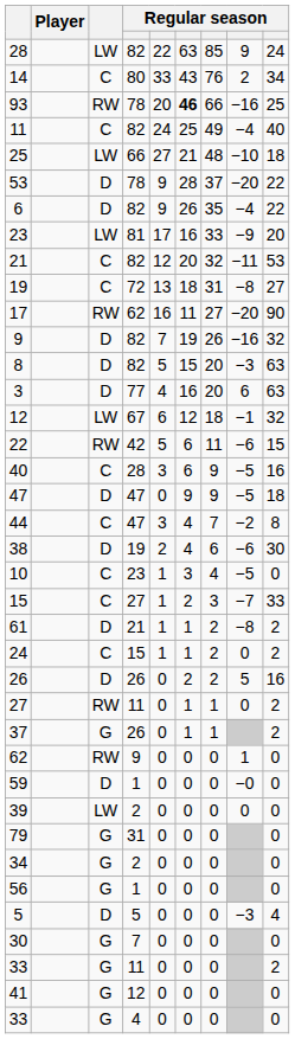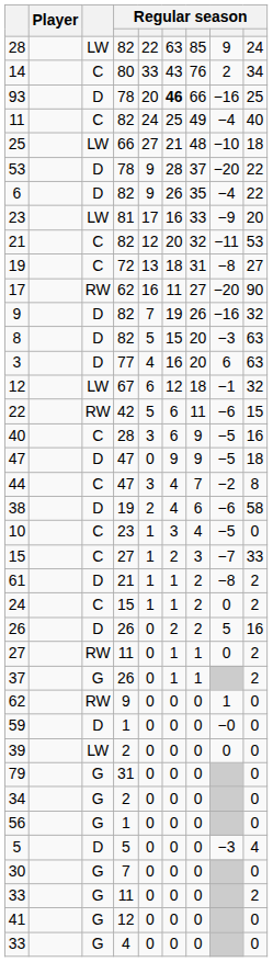 <table class="wikitable sortable plainrowheaders" style="text-align:center;">
 <tr>
 <th scope="col" data-sort-type="number" rowspan="2"></th>
 <th scope="col" rowspan="2">Player</th>
 <th scope="col" rowspan="2"></th>
 <th scope=colgroup colspan=6>Regular season</th>
 </tr>
 <tr>
 <th scope="col" data-sort-type="number"></th>
 <th scope="col" data-sort-type="number"></th>
 <th scope="col" data-sort-type="number"></th>
 <th scope="col" data-sort-type="number"></th>
 <th scope="col" data-sort-type="number"></th>
 <th scope="col" data-sort-type="number"></th>
 </tr>
 <tr>
 <td scope="row">28</td>
 <td align="left"></td>
 <td>LW</td>
 <td>82</td>
 <td>22</td>
 <td>63</td>
 <td>85</td>
 <td>9</td>
 <td>24</td>
 </tr>
 <tr>
 <td scope="row">14</td>
 <td align="left"></td>
 <td>C</td>
 <td>80</td>
 <td>33</td>
 <td>43</td>
 <td>76</td>
 <td>2</td>
 <td>34</td>
 </tr>
 <tr>
 <td scope="row">93</td>
 <td align="left"></td>
-<td>RW</td>
+<td>D</td>
 <td>78</td>
 <td>20</td>
 <td><strong>46</strong></td>
 <td>66</td>
 <td>−16</td>
 <td>25</td>
 </tr>
 <tr>
 <td scope="row">11</td>
 <td align="left"></td>
 <td>C</td>
 <td>82</td>
 <td>24</td>
 <td>25</td>
 <td>49</td>
 <td>−4</td>
 <td>40</td>
 </tr>
 <tr>
 <td scope="row">25</td>
 <td align="left"></td>
 <td>LW</td>
 <td>66</td>
 <td>27</td>
 <td>21</td>
 <td>48</td>
 <td>−10</td>
 <td>18</td>
 </tr>
 <tr>
 <td scope="row">53</td>
 <td align="left"></td>
 <td>D</td>
 <td>78</td>
 <td>9</td>
 <td>28</td>
 <td>37</td>
 <td>−20</td>
 <td>22</td>
 </tr>
 <tr>
 <td scope="row">6</td>
 <td align="left"></td>
 <td>D</td>
 <td>82</td>
 <td>9</td>
 <td>26</td>
 <td>35</td>
 <td>−4</td>
 <td>22</td>
 </tr>
 <tr>
 <td scope="row">23</td>
 <td align="left"></td>
 <td>LW</td>
 <td>81</td>
 <td>17</td>
 <td>16</td>
 <td>33</td>
 <td>−9</td>
 <td>20</td>
 </tr>
 <tr>
 <td scope="row">21</td>
 <td align="left"></td>
 <td>C</td>
 <td>82</td>
 <td>12</td>
 <td>20</td>
 <td>32</td>
 <td>−11</td>
 <td>53</td>
 </tr>
 <tr>
 <td scope="row">19</td>
 <td align="left"></td>
 <td>C</td>
 <td>72</td>
 <td>13</td>
 <td>18</td>
 <td>31</td>
 <td>−8</td>
 <td>27</td>
 </tr>
 <tr>
 <td scope="row">17</td>
 <td align="left"></td>
 <td>RW</td>
 <td>62</td>
 <td>16</td>
 <td>11</td>
 <td>27</td>
 <td>−20</td>
 <td>90</td>
 </tr>
 <tr>
 <td scope="row">9</td>
 <td align="left"></td>
 <td>D</td>
 <td>82</td>
 <td>7</td>
 <td>19</td>
 <td>26</td>
 <td>−16</td>
 <td>32</td>
 </tr>
 <tr>
 <td scope="row">8</td>
 <td align="left"></td>
 <td>D</td>
 <td>82</td>
 <td>5</td>
 <td>15</td>
 <td>20</td>
 <td>−3</td>
 <td>63</td>
 </tr>
 <tr>
 <td scope="row">3</td>
 <td align="left"></td>
 <td>D</td>
 <td>77</td>
 <td>4</td>
 <td>16</td>
 <td>20</td>
 <td>6</td>
 <td>63</td>
 </tr>
 <tr>
 <td scope="row">12</td>
 <td align="left"></td>
 <td>LW</td>
 <td>67</td>
 <td>6</td>
 <td>12</td>
 <td>18</td>
 <td>−1</td>
 <td>32</td>
 </tr>
 <tr>
 <td scope="row">22</td>
 <td align="left"></td>
 <td>RW</td>
 <td>42</td>
 <td>5</td>
 <td>6</td>
 <td>11</td>
 <td>−6</td>
 <td>15</td>
 </tr>
 <tr>
 <td scope="row">40</td>
 <td align="left"></td>
 <td>C</td>
 <td>28</td>
 <td>3</td>
 <td>6</td>
 <td>9</td>
 <td>−5</td>
 <td>16</td>
 </tr>
 <tr>
 <td scope="row">47</td>
 <td align="left"></td>
 <td>D</td>
 <td>47</td>
 <td>0</td>
 <td>9</td>
 <td>9</td>
 <td>−5</td>
 <td>18</td>
 </tr>
 <tr>
 <td scope="row">44</td>
 <td align="left"></td>
 <td>C</td>
 <td>47</td>
 <td>3</td>
 <td>4</td>
 <td>7</td>
 <td>−2</td>
 <td>8</td>
 </tr>
 <tr>
 <td scope="row">38</td>
 <td align="left"></td>
 <td>D</td>
 <td>19</td>
 <td>2</td>
 <td>4</td>
 <td>6</td>
 <td>−6</td>
-<td>30</td>
+<td>58</td>
 </tr>
 <tr>
 <td scope="row">10</td>
 <td align="left"></td>
 <td>C</td>
 <td>23</td>
 <td>1</td>
 <td>3</td>
 <td>4</td>
 <td>−5</td>
 <td>0</td>
 </tr>
 <tr>
 <td scope="row">15</td>
 <td align="left"></td>
 <td>C</td>
 <td>27</td>
 <td>1</td>
 <td>2</td>
 <td>3</td>
 <td>−7</td>
 <td>33</td>
 </tr>
 <tr>
 <td scope="row">61</td>
 <td align="left"></td>
 <td>D</td>
 <td>21</td>
 <td>1</td>
 <td>1</td>
 <td>2</td>
 <td>−8</td>
 <td>2</td>
 </tr>
 <tr>
 <td scope="row">24</td>
 <td align="left"></td>
 <td>C</td>
 <td>15</td>
 <td>1</td>
 <td>1</td>
 <td>2</td>
 <td>0</td>
 <td>2</td>
 </tr>
 <tr>
 <td scope="row">26</td>
 <td align="left"></td>
 <td>D</td>
 <td>26</td>
 <td>0</td>
 <td>2</td>
 <td>2</td>
 <td>5</td>
 <td>16</td>
 </tr>
 <tr>
 <td scope="row">27</td>
 <td align="left"></td>
 <td>RW</td>
 <td>11</td>
 <td>0</td>
 <td>1</td>
 <td>1</td>
 <td>0</td>
 <td>2</td>
 </tr>
 <tr>
 <td scope="row">37</td>
 <td align="left"></td>
 <td>G</td>
 <td>26</td>
 <td>0</td>
 <td>1</td>
 <td>1</td>
 <td style="background:#ccc"></td>
 <td>2</td>
 </tr>
 <tr>
 <td scope="row">62</td>
 <td align="left"></td>
 <td>RW</td>
 <td>9</td>
 <td>0</td>
 <td>0</td>
 <td>0</td>
 <td>1</td>
 <td>0</td>
 </tr>
 <tr>
 <td scope="row">59</td>
 <td align="left"></td>
 <td>D</td>
 <td>1</td>
 <td>0</td>
 <td>0</td>
 <td>0</td>
 <td>−0</td>
 <td>0</td>
 </tr>
 <tr>
 <td scope="row">39</td>
 <td align="left"></td>
 <td>LW</td>
 <td>2</td>
 <td>0</td>
 <td>0</td>
 <td>0</td>
 <td>0</td>
 <td>0</td>
 </tr>
 <tr>
 <td scope="row">79</td>
 <td align="left"></td>
 <td>G</td>
 <td>31</td>
 <td>0</td>
 <td>0</td>
 <td>0</td>
 <td style="background:#ccc"></td>
 <td>0</td>
 </tr>
 <tr>
 <td scope="row">34</td>
 <td align="left"></td>
 <td>G</td>
 <td>2</td>
 <td>0</td>
 <td>0</td>
 <td>0</td>
 <td style="background:#ccc"></td>
 <td>0</td>
 </tr>
 <tr>
 <td scope="row">56</td>
 <td align="left"></td>
 <td>G</td>
 <td>1</td>
 <td>0</td>
 <td>0</td>
 <td>0</td>
 <td style="background:#ccc"></td>
 <td>0</td>
 </tr>
 <tr>
 <td scope="row">5</td>
 <td align="left"></td>
 <td>D</td>
 <td>5</td>
 <td>0</td>
 <td>0</td>
 <td>0</td>
 <td>−3</td>
 <td>4</td>
 </tr>
 <tr>
 <td scope="row">30</td>
 <td align="left"></td>
 <td>G</td>
 <td>7</td>
 <td>0</td>
 <td>0</td>
 <td>0</td>
 <td style="background:#ccc"></td>
 <td>0</td>
 </tr>
 <tr>
 <td scope="row">33</td>
 <td align="left"></td>
 <td>G</td>
 <td>11</td>
 <td>0</td>
 <td>0</td>
 <td>0</td>
 <td style="background:#ccc"></td>
 <td>2</td>
 </tr>
 <tr>
 <td scope="row">41</td>
 <td align="left"></td>
 <td>G</td>
 <td>12</td>
 <td>0</td>
 <td>0</td>
 <td>0</td>
 <td style="background:#ccc"></td>
 <td>0</td>
 </tr>
 <tr>
 <td scope="row">33</td>
 <td align="left"></td>
 <td>G</td>
 <td>4</td>
 <td>0</td>
 <td>0</td>
 <td>0</td>
 <td style="background:#ccc"></td>
 <td>0</td>
 </tr>
 </table>
